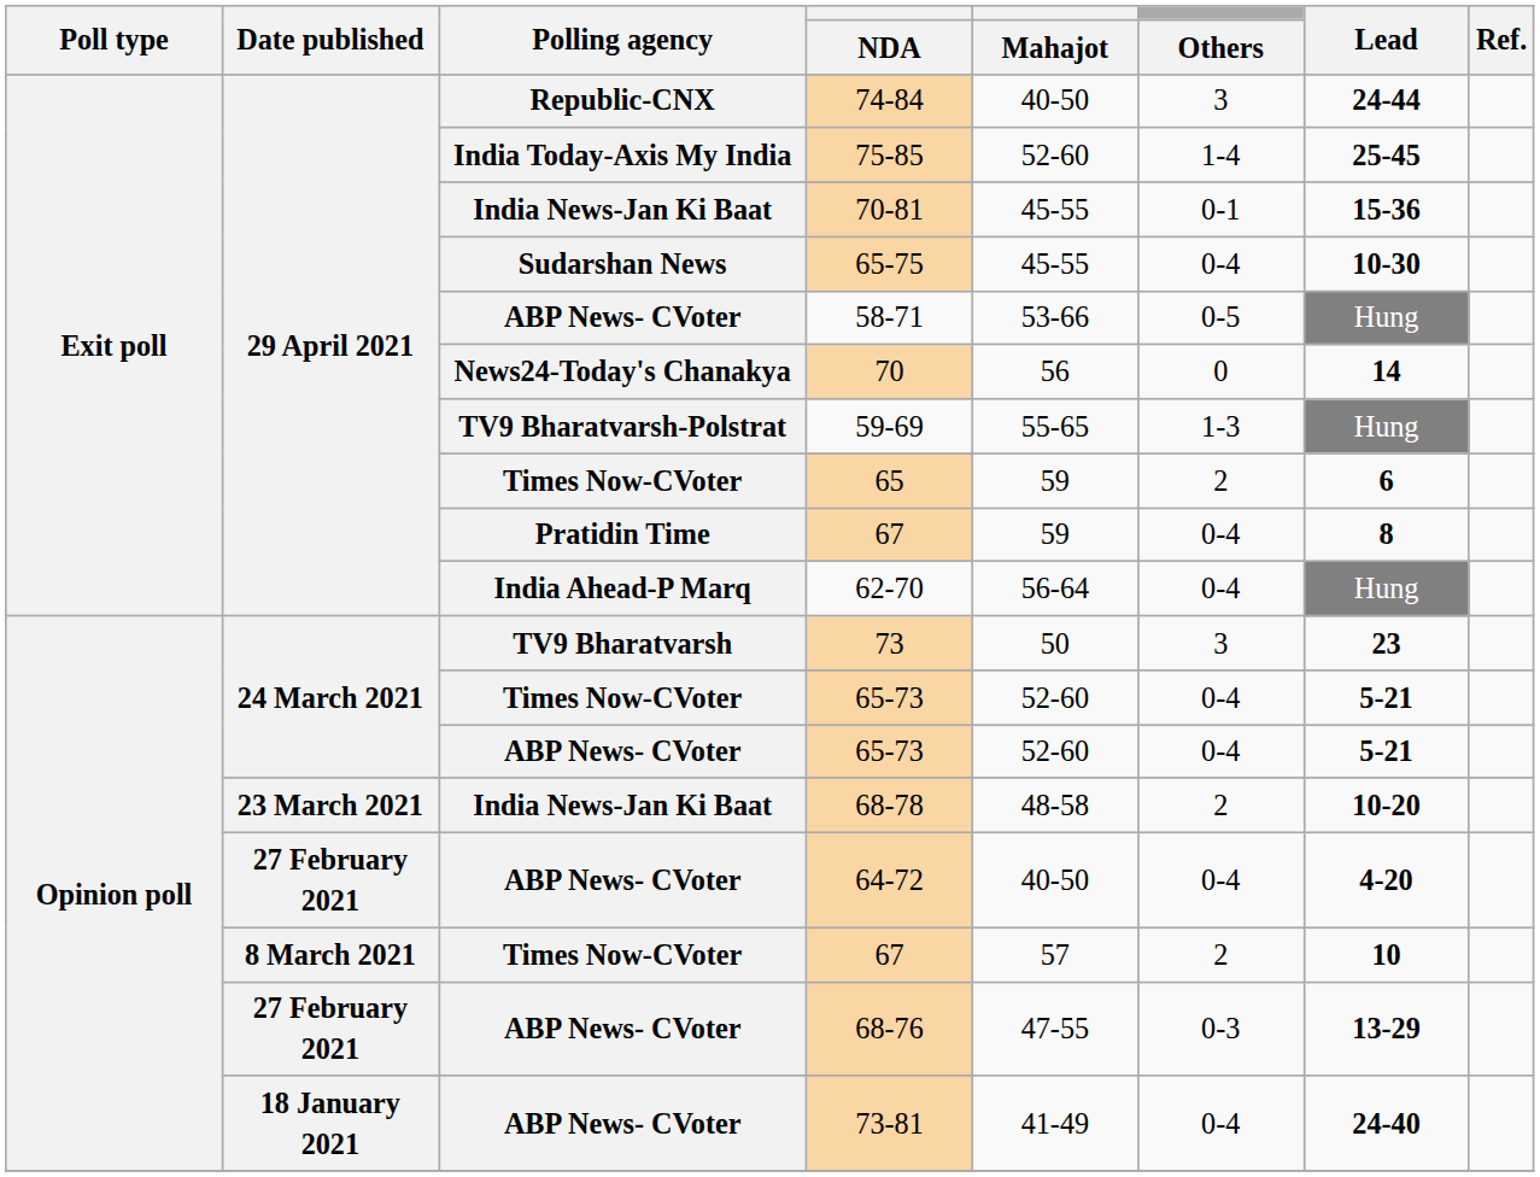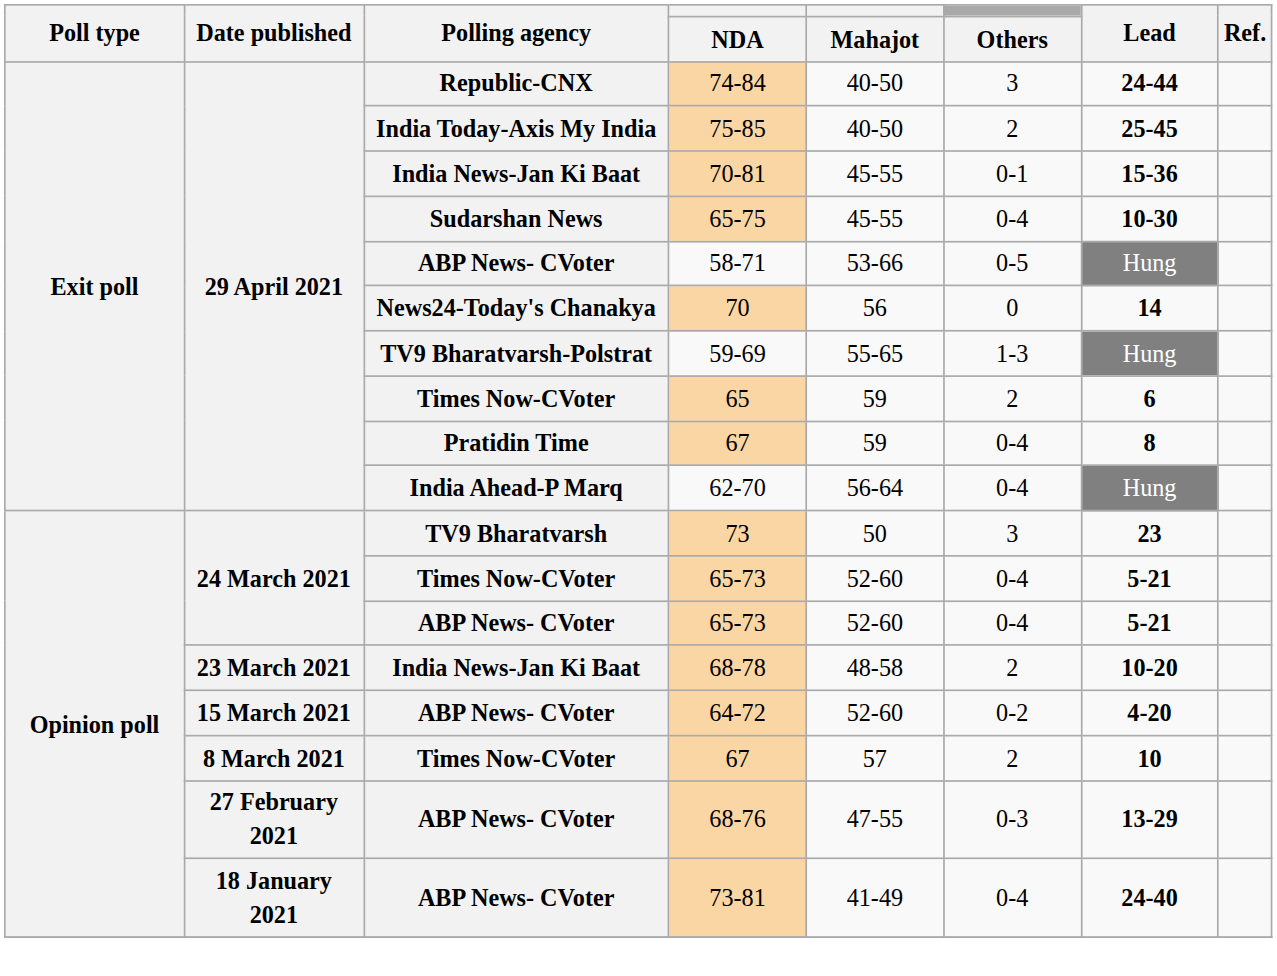 <table class="wikitable sortable" style="text-align:center; font-size:90%; line-height:20px">
 <tr>
 <th rowspan="2" width="100px">Poll type</th>
 <th rowspan="2" width="100px">Date published</th>
 <th rowspan="2" width="175px">Polling agency</th>
 <th style="background:"></th>
 <th style="background:"></th>
 <th style="background:darkgrey"></th>
 <th rowspan="2" width="75px">Lead</th>
 <th rowspan="2">Ref.</th>
 </tr>
 <tr>
 <th style="width:75px;">NDA</th>
 <th style="width:75px;">Mahajot</th>
 <th style="width:75px;">Others</th>
 </tr>
 <tr>
 <th rowspan="10">Exit poll</th>
 <th rowspan="10">29 April 2021</th>
 <th>Republic-CNX</th>
 <td style="background:#FAD6A5;">74-84</td>
 <td>40-50</td>
 <td>3</td>
 <td style="background:"><span> <strong>24-44</strong></span></td>
 <td></td>
 </tr>
 <tr>
 <th>India Today-Axis My India</th>
 <td style="background:#FAD6A5;">75-85</td>
-<td>52-60</td>
-<td>1-4</td>
+<td>40-50</td>
+<td>2</td>
 <td style="background:"><span><strong>25-45</strong></span></td>
 <td></td>
 </tr>
 <tr>
 <th>India News-Jan Ki Baat</th>
 <td style="background:#FAD6A5;">70-81</td>
 <td>45-55</td>
 <td>0-1</td>
 <td style="background:"><span> <strong>15-36</strong></span></td>
 <td></td>
 </tr>
 <tr>
 <th>Sudarshan News</th>
 <td style="background:#FAD6A5;">65-75</td>
 <td>45-55</td>
 <td>0-4</td>
 <td style="background:"><span> <strong>10-30</strong></span></td>
 <td></td>
 </tr>
 <tr>
 <th>ABP News- CVoter</th>
 <td>58-71</td>
 <td>53-66</td>
 <td>0-5</td>
 <td style="background:gray; color:white">Hung</td>
 <td></td>
 </tr>
 <tr>
 <th>News24-Today's Chanakya</th>
 <td style="background:#FAD6A5;">70</td>
 <td>56</td>
 <td>0</td>
 <td style="background:"><span> <strong>14</strong></span></td>
 <td></td>
 </tr>
 <tr>
 <th>TV9 Bharatvarsh-Polstrat</th>
 <td>59-69</td>
 <td>55-65</td>
 <td>1-3</td>
 <td style="background:gray; color:white">Hung</td>
 <td></td>
 </tr>
 <tr>
 <th>Times Now-CVoter</th>
 <td style="background:#FAD6A5;">65</td>
 <td>59</td>
 <td>2</td>
 <td style="background:"><span> <strong>6</strong></span></td>
 <td></td>
 </tr>
 <tr>
 <th>Pratidin Time</th>
 <td style="background:#FAD6A5;">67</td>
 <td>59</td>
 <td>0-4</td>
 <td style="background:"><span> <strong>8</strong></span></td>
 <td></td>
 </tr>
 <tr>
 <th>India Ahead-P Marq</th>
 <td>62-70</td>
 <td>56-64</td>
 <td>0-4</td>
 <td style="background:gray; color:white">Hung</td>
 <td></td>
 </tr>
 <tr>
 <th rowspan=8 align=center>Opinion poll</th>
 <th rowspan=3 align=center>24 March 2021</th>
 <th>TV9 Bharatvarsh</th>
 <td style="background:#FAD6A5;">73</td>
 <td>50</td>
 <td>3</td>
 <td style="background:"><span> <strong>23</strong></span></td>
 <td></td>
 </tr>
 <tr>
 <th>Times Now-CVoter</th>
 <td style="background:#FAD6A5;">65-73</td>
 <td>52-60</td>
 <td>0-4</td>
 <td style="background:"><span> <strong>5-21</strong></span></td>
 <td></td>
 </tr>
 <tr>
 <th>ABP News- CVoter</th>
 <td style="background:#FAD6A5;">65-73</td>
 <td>52-60</td>
 <td>0-4</td>
 <td style="background:"><span> <strong>5-21</strong></span></td>
 <td></td>
 </tr>
 <tr>
 <th>23 March 2021</th>
 <th>India News-Jan Ki Baat</th>
 <td style="background:#FAD6A5;">68-78</td>
 <td>48-58</td>
 <td>2</td>
 <td style="background:"><span> <strong>10-20</strong></span></td>
 <td></td>
 </tr>
 <tr>
-<th>27 February 2021</th>
+<th>15 March 2021</th>
 <th>ABP News- CVoter</th>
 <td style="background:#FAD6A5;">64-72</td>
-<td>40-50</td>
-<td>0-4</td>
+<td>52-60</td>
+<td>0-2</td>
 <td style="background:"><span> <strong>4-20</strong></span></td>
 <td></td>
 </tr>
 <tr>
 <th>8 March 2021</th>
 <th>Times Now-CVoter</th>
 <td style="background:#FAD6A5;">67</td>
 <td>57</td>
 <td>2</td>
 <td style="background:"><span> <strong>10</strong></span></td>
 <td></td>
 </tr>
 <tr>
 <th>27 February 2021</th>
 <th>ABP News- CVoter</th>
 <td style="background:#FAD6A5;">68-76</td>
 <td>47-55</td>
 <td>0-3</td>
 <td style="background:"><span> <strong>13-29</strong></span></td>
 <td></td>
 </tr>
 <tr>
 <th>18 January 2021</th>
 <th>ABP News- CVoter</th>
 <td style="background:#FAD6A5;">73-81</td>
 <td>41-49</td>
 <td>0-4</td>
 <td style="background:"><span> <strong>24-40</strong></span></td>
 <td></td>
 </tr>
 <tr>
 </tr>
 </table>
